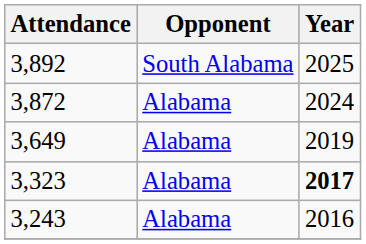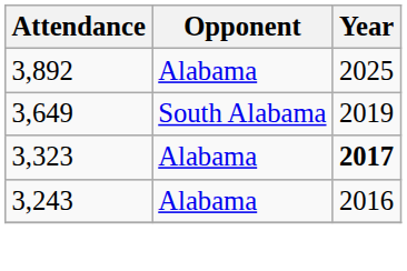 <table class="wikitable">
 <tr>
 <th>Attendance</th>
 <th>Opponent</th>
 <th>Year</th>
 </tr>
 <tr>
 <td>3,892</td>
-<td><a href='#'>South Alabama</a></td>
+<td><a href='#'>Alabama</a></td>
 <td>2025</td>
 </tr>
 <tr>
-<td>3,872</td>
-<td><a href='#'>Alabama</a></td>
-<td>2024</td>
-</tr>
-<tr>
 <td>3,649</td>
-<td><a href='#'>Alabama</a></td>
+<td><a href='#'>South Alabama</a></td>
 <td>2019</td>
 </tr>
 <tr>
 <td>3,323</td>
 <td><a href='#'>Alabama</a></td>
 <td><strong>2017</strong></td>
 </tr>
 <tr>
 <td>3,243</td>
 <td><a href='#'>Alabama</a></td>
 <td>2016</td>
 </tr>
 <tr>
 </tr>
 </table>
